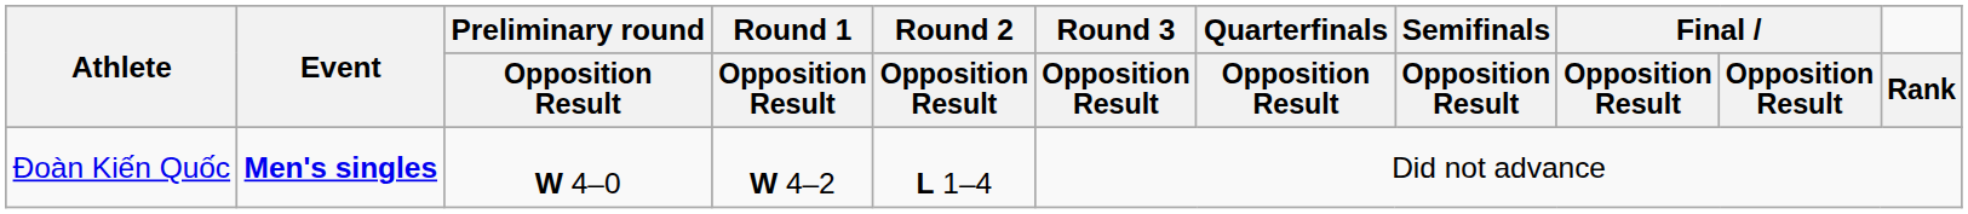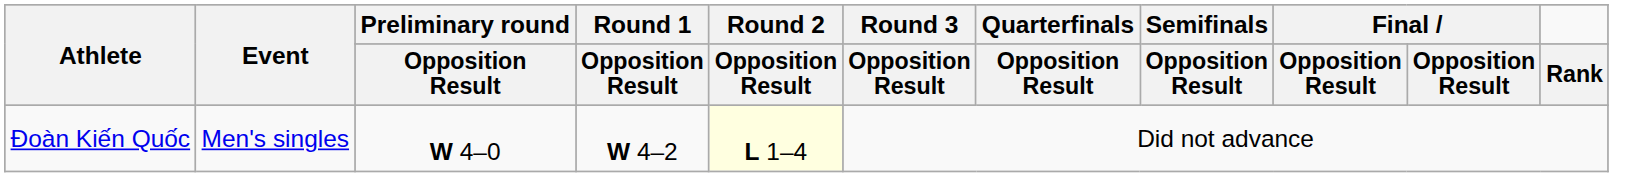 <table class="wikitable" style="font-size:90%">
 <tr>
 <th rowspan="2">Athlete</th>
 <th rowspan="2">Event</th>
 <th>Preliminary round</th>
 <th>Round 1</th>
 <th>Round 2</th>
 <th>Round 3</th>
 <th>Quarterfinals</th>
 <th>Semifinals</th>
 <th colspan=2>Final / </th>
 </tr>
 <tr style="font-size:95%">
 <th>Opposition<br>Result</th>
 <th>Opposition<br>Result</th>
 <th>Opposition<br>Result</th>
 <th>Opposition<br>Result</th>
 <th>Opposition<br>Result</th>
 <th>Opposition<br>Result</th>
 <th>Opposition<br>Result</th>
 <th>Opposition<br>Result</th>
 <th>Rank</th>
 </tr>
 <tr align=center>
 <td align=left><a href='#'>Đoàn Kiến Quốc</a></td>
-<td align=left><strong><a href='#'>Men's singles</a></strong></td>
+<td align=left><a href='#'>Men's singles</a></td>
 <td><br><strong>W</strong> 4–0</td>
 <td> <br><strong>W</strong> 4–2</td>
-<td><br> <strong>L</strong> 1–4</td>
+<td style="background: lightyellow;"><br> <strong>L</strong> 1–4</td>
 <td colspan=6>Did not advance</td>
 </tr>
 </table>
